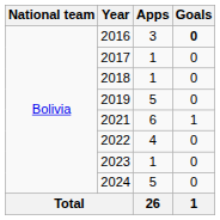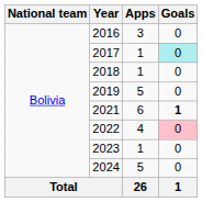 <table class="wikitable" style="text-align:center">
 <tr>
 <th>National team</th>
 <th>Year</th>
 <th>Apps</th>
 <th>Goals</th>
 </tr>
 <tr>
 <td rowspan="8"><a href='#'>Bolivia</a></td>
 <td>2016</td>
 <td>3</td>
-<td><strong>0</strong></td>
+<td>0</td>
 </tr>
 <tr>
 <td>2017</td>
 <td>1</td>
-<td>0</td>
+<td style="background: paleturquoise;">0</td>
 </tr>
 <tr>
 <td>2018</td>
 <td>1</td>
 <td>0</td>
 </tr>
 <tr>
 <td>2019</td>
 <td>5</td>
 <td>0</td>
 </tr>
 <tr>
 <td>2021</td>
 <td>6</td>
-<td>1</td>
+<td><strong>1</strong></td>
 </tr>
 <tr>
 <td>2022</td>
 <td>4</td>
-<td>0</td>
+<td style="background: pink;">0</td>
 </tr>
 <tr>
 <td>2023</td>
 <td>1</td>
 <td>0</td>
 </tr>
 <tr>
 <td>2024</td>
 <td>5</td>
 <td>0</td>
 </tr>
 <tr>
 <th colspan="2">Total</th>
 <th>26</th>
 <th>1</th>
 </tr>
 </table>
